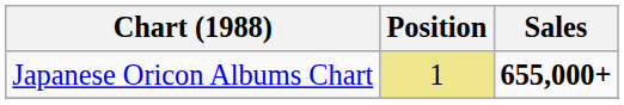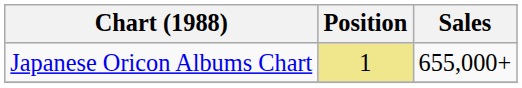 <table class="wikitable" style="text-align:center;">
 <tr>
 <th>Chart (1988)</th>
 <th>Position</th>
 <th>Sales</th>
 </tr>
 <tr>
 <td><a href='#'>Japanese Oricon Albums Chart</a></td>
 <td style="background: khaki;">1</td>
-<td><strong>655,000+ </strong></td>
+<td>655,000+ </td>
 </tr>
 <tr>
 </tr>
 </table>
